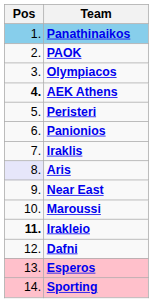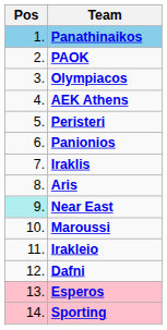 <table class="wikitable" style="text-align: right;">
 <tr>
 <th width="44">Pos</th>
 <th width="128">Team</th>
 </tr>
 <tr bgcolor="87ceeb">
 <td>1.</td>
 <td align="left"><strong><a href='#'>Panathinaikos</a></strong></td>
 </tr>
 <tr>
 <td>2.</td>
 <td align="left"><strong><a href='#'>PAOK</a> </strong></td>
 </tr>
 <tr>
 <td>3.</td>
 <td align="left"><strong><a href='#'>Olympiacos</a></strong></td>
 </tr>
 <tr>
-<td><strong>4.</strong></td>
+<td>4.</td>
 <td align="left"><strong><a href='#'>AEK Athens</a></strong></td>
 </tr>
 <tr>
 <td>5.</td>
 <td align="left"><strong><a href='#'>Peristeri</a></strong></td>
 </tr>
 <tr>
 <td>6.</td>
 <td align="left"><strong><a href='#'>Panionios</a></strong></td>
 </tr>
 <tr>
 <td>7.</td>
 <td align="left"><strong><a href='#'>Iraklis</a></strong></td>
 </tr>
 <tr>
-<td style="background: lavender;">8.</td>
+<td>8.</td>
 <td align="left"><strong><a href='#'>Aris</a> </strong></td>
 </tr>
 <tr>
-<td>9.</td>
+<td style="background: paleturquoise;">9.</td>
 <td align="left"><strong><a href='#'>Near East</a></strong></td>
 </tr>
 <tr>
 <td>10.</td>
 <td align="left"><strong><a href='#'>Maroussi</a></strong></td>
 </tr>
 <tr>
-<td><strong>11.</strong></td>
+<td>11.</td>
 <td align="left"><strong><a href='#'>Irakleio</a></strong></td>
 </tr>
 <tr>
 <td>12.</td>
 <td align="left"><strong><a href='#'>Dafni</a></strong></td>
 </tr>
 <tr bgcolor="ffc0cb">
 <td>13.</td>
 <td align="left"><strong><a href='#'>Esperos</a></strong></td>
 </tr>
 <tr bgcolor="ffc0cb">
 <td>14.</td>
 <td align="left"><strong><a href='#'>Sporting</a></strong></td>
 </tr>
 </table>
